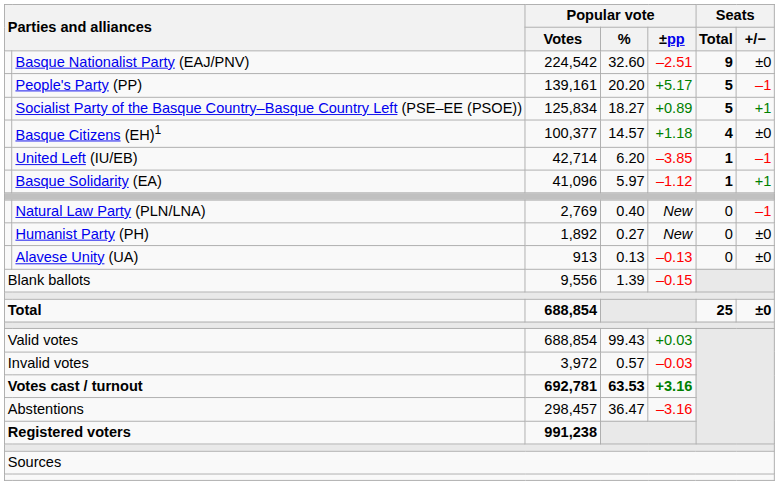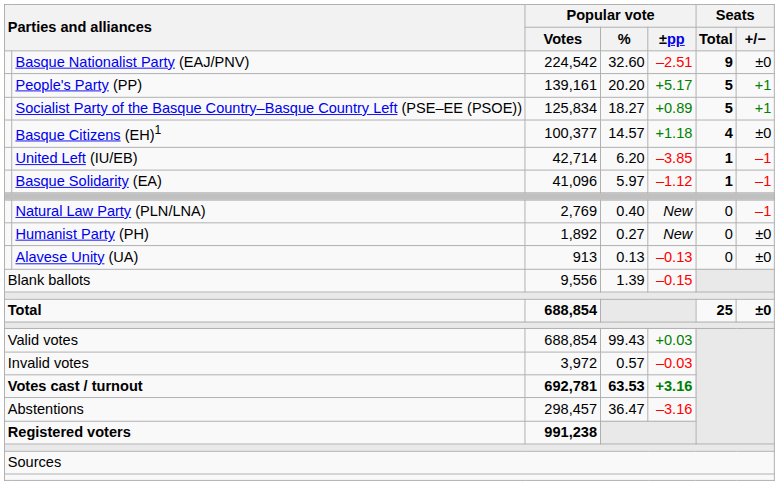 <table class="wikitable" style="text-align:right;">
 <tr>
 <th style="text-align:left;" rowspan="2" colspan="2" width="525">Parties and alliances</th>
 <th colspan="3">Popular vote</th>
 <th colspan="2">Seats</th>
 </tr>
 <tr>
 <th width="75">Votes</th>
 <th width="45">%</th>
 <th width="45">±<a href='#'>pp</a></th>
 <th width="35">Total</th>
 <th width="35">+/−</th>
 </tr>
 <tr>
 <td width="1" style="color:inherit;background:"></td>
 <td align="left"><a href='#'>Basque Nationalist Party</a> (EAJ/PNV)</td>
 <td>224,542</td>
 <td>32.60</td>
 <td style="color:red;">–2.51</td>
 <td><strong>9</strong></td>
 <td>±0</td>
 </tr>
 <tr>
 <td style="color:inherit;background:"></td>
 <td align="left"><a href='#'>People's Party</a> (PP)</td>
 <td>139,161</td>
 <td>20.20</td>
 <td style="color:green;">+5.17</td>
 <td><strong>5</strong></td>
-<td style="color:red;">–1</td>
+<td style="color:green;">+1</td>
 </tr>
 <tr>
 <td style="color:inherit;background:"></td>
 <td align="left"><a href='#'>Socialist Party of the Basque Country–Basque Country Left</a> (PSE–EE (PSOE))</td>
 <td>125,834</td>
 <td>18.27</td>
 <td style="color:green;">+0.89</td>
 <td><strong>5</strong></td>
 <td style="color:green;">+1</td>
 </tr>
 <tr>
 <td style="color:inherit;background:"></td>
 <td align="left"><a href='#'>Basque Citizens</a> (EH)<sup>1</sup></td>
 <td>100,377</td>
 <td>14.57</td>
 <td style="color:green;">+1.18</td>
 <td><strong>4</strong></td>
 <td>±0</td>
 </tr>
 <tr>
 <td style="color:inherit;background:"></td>
 <td align="left"><a href='#'>United Left</a> (IU/EB)</td>
 <td>42,714</td>
 <td>6.20</td>
 <td style="color:red;">–3.85</td>
 <td><strong>1</strong></td>
 <td style="color:red;">–1</td>
 </tr>
 <tr>
 <td style="color:inherit;background:"></td>
 <td align="left"><a href='#'>Basque Solidarity</a> (EA)</td>
 <td>41,096</td>
 <td>5.97</td>
 <td style="color:red;">–1.12</td>
 <td><strong>1</strong></td>
-<td style="color:green;">+1</td>
+<td style="color:red;">–1</td>
 </tr>
 <tr>
 <td colspan="7" bgcolor="#C0C0C0"></td>
 </tr>
 <tr>
 <td style="color:inherit;background:"></td>
 <td align="left"><a href='#'>Natural Law Party</a> (PLN/LNA)</td>
 <td>2,769</td>
 <td>0.40</td>
 <td><em>New</em></td>
 <td>0</td>
 <td style="color:red;">–1</td>
 </tr>
 <tr>
 <td style="color:inherit;background:"></td>
 <td align="left"><a href='#'>Humanist Party</a> (PH)</td>
 <td>1,892</td>
 <td>0.27</td>
 <td><em>New</em></td>
 <td>0</td>
 <td>±0</td>
 </tr>
 <tr>
 <td style="color:inherit;background:"></td>
 <td align="left"><a href='#'>Alavese Unity</a> (UA)</td>
 <td>913</td>
 <td>0.13</td>
 <td style="color:red;">–0.13</td>
 <td>0</td>
 <td>±0</td>
 </tr>
 <tr>
 <td align="left" colspan="2">Blank ballots</td>
 <td>9,556</td>
 <td>1.39</td>
 <td style="color:red;">–0.15</td>
 <td bgcolor="#E9E9E9" colspan="2"></td>
 </tr>
 <tr>
 <td colspan="7" bgcolor="#E9E9E9"></td>
 </tr>
 <tr style="font-weight:bold;">
 <td align="left" colspan="2">Total</td>
 <td>688,854</td>
 <td bgcolor="#E9E9E9" colspan="2"></td>
 <td>25</td>
 <td>±0</td>
 </tr>
 <tr>
 <td colspan="7" bgcolor="#E9E9E9"></td>
 </tr>
 <tr>
 <td align="left" colspan="2">Valid votes</td>
 <td>688,854</td>
 <td>99.43</td>
 <td style="color:green;">+0.03</td>
 <td bgcolor="#E9E9E9" colspan="2" rowspan="5"></td>
 </tr>
 <tr>
 <td align="left" colspan="2">Invalid votes</td>
 <td>3,972</td>
 <td>0.57</td>
 <td style="color:red;">–0.03</td>
 </tr>
 <tr style="font-weight:bold;">
 <td align="left" colspan="2">Votes cast / turnout</td>
 <td>692,781</td>
 <td>63.53</td>
 <td style="color:green;">+3.16</td>
 </tr>
 <tr>
 <td align="left" colspan="2">Abstentions</td>
 <td>298,457</td>
 <td>36.47</td>
 <td style="color:red;">–3.16</td>
 </tr>
 <tr style="font-weight:bold;">
 <td align="left" colspan="2">Registered voters</td>
 <td>991,238</td>
 <td bgcolor="#E9E9E9" colspan="2"></td>
 </tr>
 <tr>
 <td colspan="7" bgcolor="#E9E9E9"></td>
 </tr>
 <tr>
 <td align="left" colspan="7">Sources</td>
 </tr>
 <tr>
 <td colspan="7" style="text-align:left; max-width:790px;"></td>
 </tr>
 </table>
